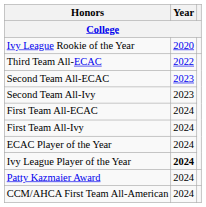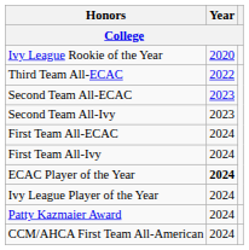 <table class="wikitable">
 <tr>
 <th>Honors</th>
 <th>Year</th>
 <th></th>
 </tr>
 <tr>
 <th colspan="3"><a href='#'>College</a></th>
 </tr>
 <tr>
 <td><a href='#'>Ivy League</a> Rookie of the Year</td>
 <td><a href='#'>2020</a></td>
 <td></td>
 </tr>
 <tr>
 <td>Third Team All-<a href='#'>ECAC</a></td>
 <td><a href='#'>2022</a></td>
 <td rowspan="7"></td>
 </tr>
 <tr>
 <td>Second Team All-ECAC</td>
 <td><a href='#'>2023</a></td>
 </tr>
 <tr>
 <td>Second Team All-Ivy</td>
 <td>2023</td>
 </tr>
 <tr>
 <td>First Team All-ECAC</td>
 <td>2024</td>
 </tr>
 <tr>
 <td>First Team All-Ivy</td>
 <td>2024</td>
 </tr>
 <tr>
 <td>ECAC Player of the Year</td>
-<td>2024</td>
+<td><strong>2024</strong></td>
 </tr>
 <tr>
 <td>Ivy League Player of the Year</td>
-<td><strong>2024</strong></td>
+<td>2024</td>
 </tr>
 <tr>
 <td><a href='#'>Patty Kazmaier Award</a></td>
 <td>2024</td>
 <td></td>
 </tr>
 <tr>
 <td>CCM/AHCA First Team All-American</td>
 <td>2024</td>
 <td></td>
 </tr>
 </table>
